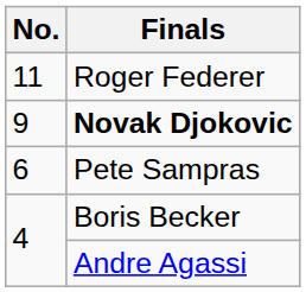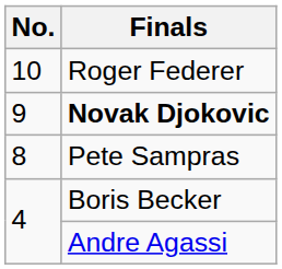 <table class="wikitable" style="display: inline-table;">
 <tr>
 <th width=20>No.</th>
 <th>Finals</th>
 </tr>
 <tr>
-<td>11</td>
+<td>10</td>
 <td> Roger Federer</td>
 </tr>
 <tr>
 <td>9</td>
 <td> <strong>Novak Djokovic</strong></td>
 </tr>
 <tr>
-<td>6</td>
+<td>8</td>
 <td> Pete Sampras</td>
 </tr>
 <tr>
 <td rowspan="2">4</td>
 <td> Boris Becker</td>
 </tr>
 <tr>
 <td> <a href='#'>Andre Agassi</a></td>
 </tr>
 </table>
